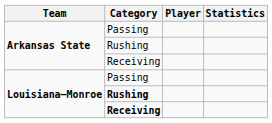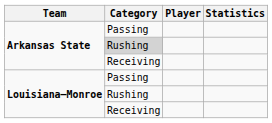 <table class="wikitable" style="float: right;">
 <tr>
 <th>Team</th>
 <th>Category</th>
 <th>Player</th>
 <th>Statistics</th>
 </tr>
 <tr>
 <td rowspan=3><strong>Arkansas State</strong></td>
 <td>Passing</td>
 <td></td>
 <td></td>
 </tr>
 <tr>
-<td>Rushing</td>
+<td style="background: lightgrey;">Rushing</td>
 <td></td>
 <td></td>
 </tr>
 <tr>
 <td>Receiving</td>
 <td></td>
 <td></td>
 </tr>
 <tr>
 <td rowspan=3><strong>Louisiana–Monroe</strong></td>
 <td>Passing</td>
 <td></td>
 <td></td>
 </tr>
 <tr>
-<td><strong>Rushing</strong></td>
+<td>Rushing</td>
 <td></td>
 <td></td>
 </tr>
 <tr>
-<td><strong>Receiving</strong></td>
+<td>Receiving</td>
 <td></td>
 <td></td>
 </tr>
 </table>
